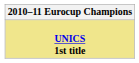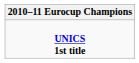 <table class=wikitable style="text-align:center; margin:auto">
 <tr>
 <th>2010–11 Eurocup Champions</th>
 </tr>
 <tr>
-<td style="background: khaki;"> <br> <strong><a href='#'>UNICS</a></strong> <br> <strong>1st title</strong></td>
+<td> <br> <strong><a href='#'>UNICS</a></strong> <br> <strong>1st title</strong></td>
 </tr>
 </table>
